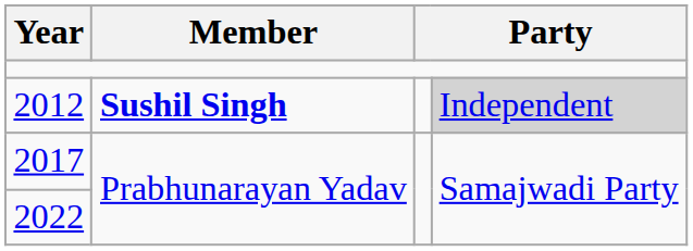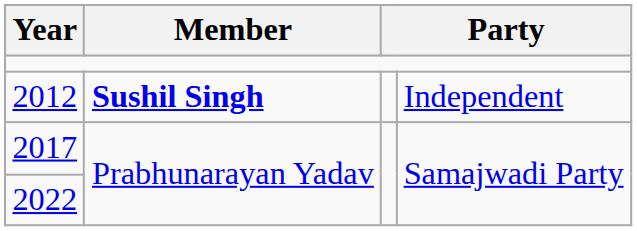 <table class="wikitable">
 <tr>
 <th>Year</th>
 <th>Member</th>
 <th colspan="2">Party</th>
 </tr>
 <tr>
 <td colspan="4"></td>
 </tr>
 <tr>
 <td><a href='#'>2012</a></td>
 <td><strong><a href='#'>Sushil Singh</a></strong></td>
 <td style="background-color: "></td>
-<td style="background: lightgrey;"><a href='#'>Independent</a></td>
+<td><a href='#'>Independent</a></td>
 </tr>
 <tr>
 <td><a href='#'>2017</a></td>
 <td rowspan="2"><a href='#'>Prabhunarayan Yadav</a></td>
 <td rowspan="2" style="background-color: "></td>
 <td rowspan="2"><a href='#'>Samajwadi Party</a></td>
 </tr>
 <tr>
 <td><a href='#'>2022</a></td>
 </tr>
 </table>
